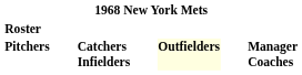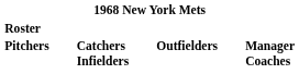 <table class="toccolours" style="font-size: 95%;">
 <tr>
 <th colspan="10">1968 New York Mets</th>
 </tr>
 <tr>
 <td colspan="10"><strong>Roster</strong></td>
 </tr>
 <tr>
 <td valign="top"><strong>Pitchers</strong><br>             </td>
 <td width="25px"></td>
 <td valign="top"><strong>Catchers</strong><br>   <strong>Infielders</strong>           </td>
 <td width="25px"></td>
-<td valign="top" style="background: lightyellow;"><strong>Outfielders</strong><br>     </td>
+<td valign="top"><strong>Outfielders</strong><br>     </td>
 <td width="25px"></td>
 <td valign="top"><strong>Manager</strong><br> <strong>Coaches</strong>    </td>
 </tr>
 </table>
